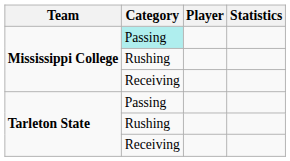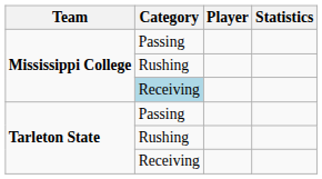 <table class="wikitable" style="float: right;">
 <tr>
 <th>Team</th>
 <th>Category</th>
 <th>Player</th>
 <th>Statistics</th>
 </tr>
 <tr>
 <td rowspan=3><strong>Mississippi College</strong></td>
-<td style="background: paleturquoise;">Passing</td>
+<td>Passing</td>
 <td></td>
 <td></td>
 </tr>
 <tr>
 <td>Rushing</td>
 <td></td>
 <td></td>
 </tr>
 <tr>
-<td>Receiving</td>
+<td style="background: lightblue;">Receiving</td>
 <td></td>
 <td></td>
 </tr>
 <tr>
 <td rowspan=3><strong>Tarleton State</strong></td>
 <td>Passing</td>
 <td></td>
 <td></td>
 </tr>
 <tr>
 <td>Rushing</td>
 <td></td>
 <td></td>
 </tr>
 <tr>
 <td>Receiving</td>
 <td></td>
 <td></td>
 </tr>
 </table>
